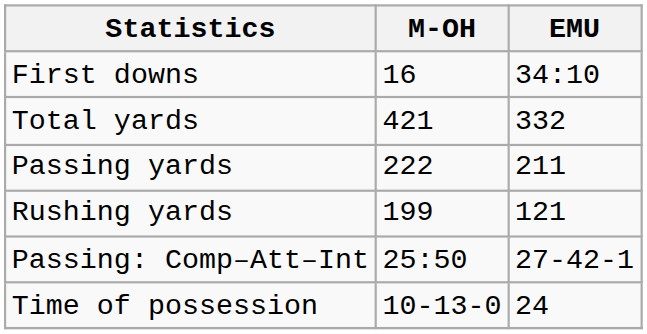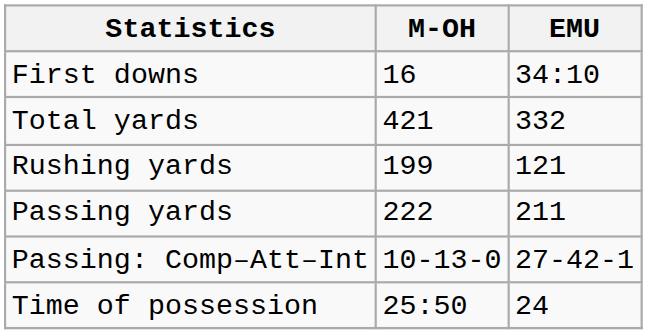 <table class="wikitable" style="float: left;">
 <tr>
 <th>Statistics</th>
 <th>M-OH</th>
 <th>EMU</th>
 </tr>
 <tr>
 <td>First downs</td>
 <td>16</td>
 <td>34:10</td>
 </tr>
 <tr>
 <td>Total yards</td>
 <td>421</td>
 <td>332</td>
 </tr>
 <tr>
+<td>Rushing yards</td>
+<td>199</td>
+<td>121</td>
+</tr>
+<tr>
 <td>Passing yards</td>
 <td>222</td>
 <td>211</td>
 </tr>
 <tr>
-<td>Rushing yards</td>
-<td>199</td>
-<td>121</td>
-</tr>
-<tr>
 <td>Passing: Comp–Att–Int</td>
-<td>25:50</td>
+<td>10-13-0</td>
 <td>27-42-1</td>
 </tr>
 <tr>
 <td>Time of possession</td>
-<td>10-13-0</td>
+<td>25:50</td>
 <td>24</td>
 </tr>
 <tr>
 </tr>
 </table>
